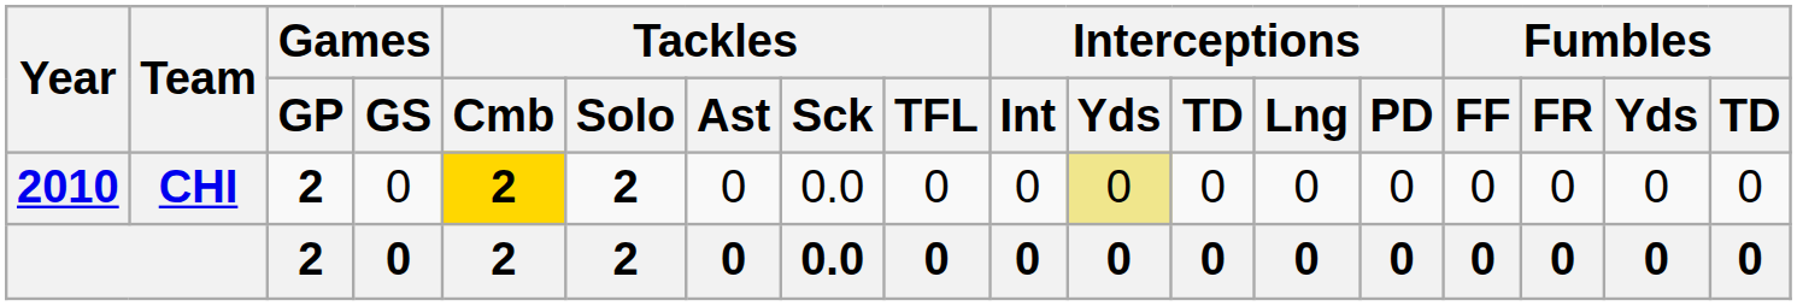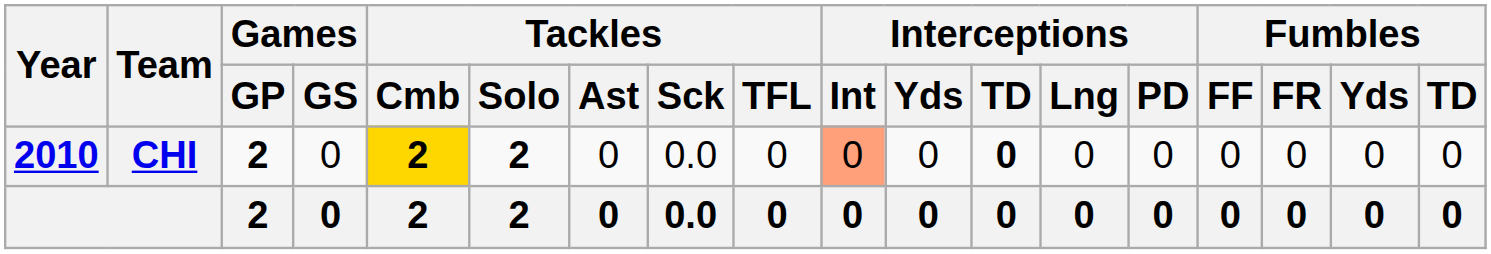 <table class="wikitable" style="text-align:center">
 <tr>
 <th rowspan="2">Year</th>
 <th rowspan="2">Team</th>
 <th colspan="2">Games</th>
 <th colspan="5">Tackles</th>
 <th colspan="5">Interceptions</th>
 <th colspan="4">Fumbles</th>
 </tr>
 <tr>
 <th>GP</th>
 <th>GS</th>
 <th>Cmb</th>
 <th>Solo</th>
 <th>Ast</th>
 <th>Sck</th>
 <th>TFL</th>
 <th>Int</th>
 <th>Yds</th>
 <th>TD</th>
 <th>Lng</th>
 <th>PD</th>
 <th>FF</th>
 <th>FR</th>
 <th>Yds</th>
 <th>TD</th>
 </tr>
 <tr>
 <th><a href='#'>2010</a></th>
 <th><a href='#'>CHI</a></th>
 <td><strong>2</strong></td>
 <td>0</td>
 <td style="background: gold;"><strong>2</strong></td>
 <td><strong>2</strong></td>
 <td>0</td>
 <td>0.0</td>
 <td>0</td>
+<td style="background: lightsalmon;">0</td>
 <td>0</td>
-<td style="background: khaki;">0</td>
-<td>0</td>
+<td><strong>0</strong></td>
 <td>0</td>
 <td>0</td>
 <td>0</td>
 <td>0</td>
 <td>0</td>
 <td>0</td>
 </tr>
 <tr>
 <th colspan="2"></th>
 <th>2</th>
 <th>0</th>
 <th>2</th>
 <th>2</th>
 <th>0</th>
 <th>0.0</th>
 <th>0</th>
 <th>0</th>
 <th>0</th>
 <th>0</th>
 <th>0</th>
 <th>0</th>
 <th>0</th>
 <th>0</th>
 <th>0</th>
 <th>0</th>
 </tr>
 </table>
